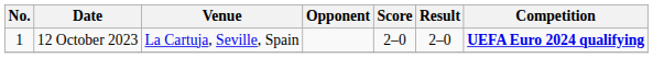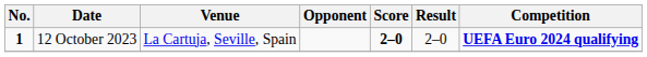 <table class="wikitable sortable">
 <tr>
 <th scope="col">No.</th>
 <th scope="col">Date</th>
 <th scope="col">Venue</th>
 <th scope="col">Opponent</th>
 <th scope="col">Score</th>
 <th scope="col">Result</th>
 <th scope="col">Competition</th>
 </tr>
 <tr>
-<td style="text-align:center">1</td>
+<td style="text-align:center"><strong>1</strong></td>
 <td>12 October 2023</td>
 <td><a href='#'>La Cartuja</a>, <a href='#'>Seville</a>, Spain</td>
 <td></td>
-<td style="text-align:center">2–0</td>
+<td style="text-align:center"><strong>2–0</strong></td>
 <td style="text-align:center">2–0</td>
 <td><strong><a href='#'>UEFA Euro 2024 qualifying</a></strong></td>
 </tr>
 <tr>
 </tr>
 </table>
